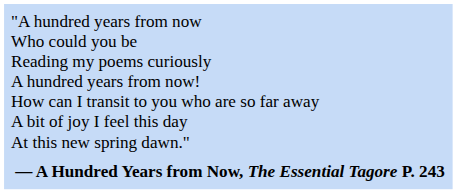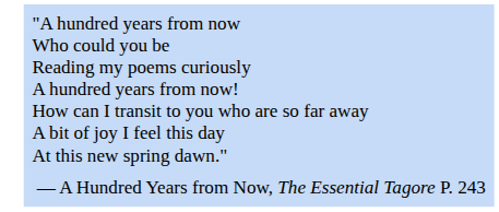 <table class="tancolours" style="float: right; margin-left: 1em; margin-right: 2em; font-size: 85%; background:#c6dbf7; color:black; width:18em; max-width:20%" cellspacing="5">
 <tr>
 <td align="left">"A hundred years from now<br>Who could you be<br>Reading my poems curiously<br>A hundred years from now!<br>How can I transit to you who are so far away<br>A bit of joy I feel this day<br>At this new spring dawn."</td>
 </tr>
 <tr>
-<td style="text-align:right;white-space:nowrap;"><strong> — A Hundred Years from Now, <em>The Essential Tagore</em> P. 243</strong></td>
+<td style="text-align:right;white-space:nowrap;"> — A Hundred Years from Now, <em>The Essential Tagore</em> P. 243</td>
 </tr>
 </table>
